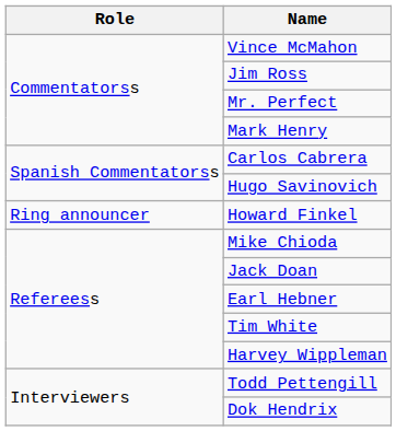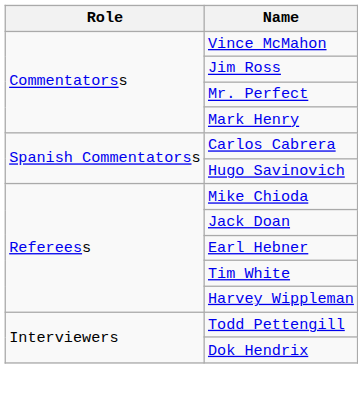 <table class=wikitable style="font-size:90%; margin: 0.5em 0 0.5em 1em; float: right; clear: right;">
 <tr>
 <th>Role</th>
 <th>Name</th>
 </tr>
 <tr>
 <td rowspan="4"><a href='#'>Commentators</a>s</td>
 <td><a href='#'>Vince McMahon</a></td>
 </tr>
 <tr>
 <td><a href='#'>Jim Ross</a></td>
 </tr>
 <tr>
 <td><a href='#'>Mr. Perfect</a></td>
 </tr>
 <tr>
 <td><a href='#'>Mark Henry</a> </td>
 </tr>
 <tr>
 <td rowspan="2"><a href='#'>Spanish Commentators</a>s</td>
 <td><a href='#'>Carlos Cabrera</a></td>
 </tr>
 <tr>
 <td><a href='#'>Hugo Savinovich</a></td>
 </tr>
 <tr>
-<td><a href='#'>Ring announcer</a></td>
-<td><a href='#'>Howard Finkel</a></td>
-</tr>
-<tr>
 <td rowspan=5><a href='#'>Referees</a>s</td>
 <td><a href='#'>Mike Chioda</a></td>
 </tr>
 <tr>
 <td><a href='#'>Jack Doan</a></td>
 </tr>
 <tr>
 <td><a href='#'>Earl Hebner</a></td>
 </tr>
 <tr>
 <td><a href='#'>Tim White</a></td>
 </tr>
 <tr>
 <td><a href='#'>Harvey Wippleman</a></td>
 </tr>
 <tr>
 <td rowspan=2>Interviewers</td>
 <td><a href='#'>Todd Pettengill</a></td>
 </tr>
 <tr>
 <td><a href='#'>Dok Hendrix</a></td>
 </tr>
 </table>
